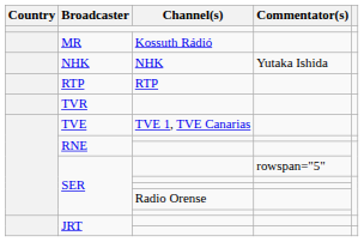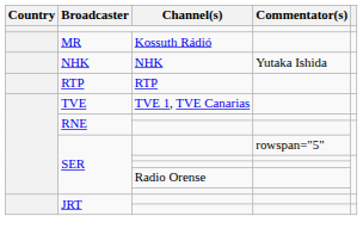 <table class="wikitable plainrowheaders">
 <tr>
 <th scope="col">Country</th>
 <th scope="col">Broadcaster</th>
 <th scope="col">Channel(s)</th>
 <th scope="col">Commentator(s)</th>
 <th scope="col"></th>
 </tr>
 <tr>
 <th scope="rowgroup"></th>
 <td colspan="2"></td>
 <td></td>
 <td style="text-align:center"></td>
 </tr>
 <tr>
 <th scope="row"></th>
 <td><a href='#'>MR</a></td>
 <td><a href='#'>Kossuth Rádió</a></td>
 <td></td>
 <td style="text-align:center"></td>
 </tr>
 <tr>
 <th scope="rowgroup"></th>
 <td><a href='#'>NHK</a></td>
 <td><a href='#'>NHK</a></td>
 <td>Yutaka Ishida</td>
 <td style="text-align:center"></td>
 </tr>
 <tr>
 <th scope="row"></th>
 <td><a href='#'>RTP</a></td>
 <td><a href='#'>RTP</a></td>
-<td></td>
-<td style="text-align:center"></td>
-</tr>
-<tr>
-<th scope="row"></th>
-<td><a href='#'>TVR</a></td>
-<td></td>
 <td></td>
 <td style="text-align:center"></td>
 </tr>
 <tr>
 <th scope="rowgroup" rowspan="8"></th>
 <td><a href='#'>TVE</a></td>
 <td><a href='#'>TVE 1</a>, <a href='#'>TVE Canarias</a></td>
 <td></td>
 <td style="text-align:center"></td>
 </tr>
 <tr>
 <td rowspan="2"><a href='#'>RNE</a></td>
 <td></td>
 <td></td>
 <td style="text-align:center"></td>
 </tr>
 <tr>
 <td></td>
 <td></td>
 <td style="text-align:center" rowspan="2"></td>
 </tr>
 <tr>
 <td rowspan="5"><a href='#'>SER</a></td>
 <td></td>
 <td>rowspan="5" </td>
 </tr>
 <tr>
 <td></td>
 <td style="text-align:center"></td>
 </tr>
 <tr>
 <td></td>
 <td style="text-align:center"></td>
 </tr>
 <tr>
 <td>Radio Orense</td>
 <td style="text-align:center"></td>
 </tr>
 <tr>
 <td></td>
 <td style="text-align:center"></td>
 </tr>
 <tr>
 <th scope="rowgroup" rowspan="2"></th>
 <td rowspan="2"><a href='#'>JRT</a></td>
 <td></td>
 <td></td>
 <td style="text-align:center"></td>
 </tr>
 <tr>
 <td></td>
 <td></td>
 <td style="text-align:center"></td>
 </tr>
 </table>
